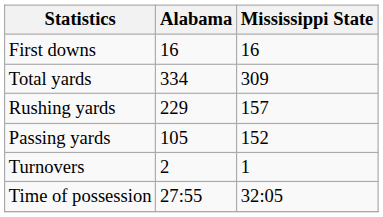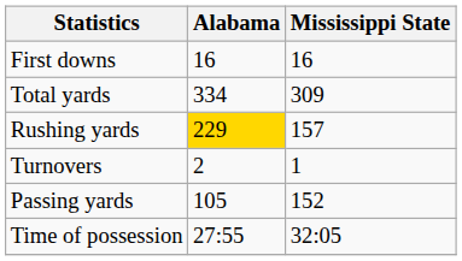 <table class="wikitable" style="float: left;">
 <tr>
 <th>Statistics</th>
 <th>Alabama</th>
 <th>Mississippi State</th>
 </tr>
 <tr>
 <td>First downs</td>
 <td>16</td>
 <td>16</td>
 </tr>
 <tr>
 <td>Total yards</td>
 <td>334</td>
 <td>309</td>
 </tr>
 <tr>
 <td>Rushing yards</td>
-<td>229</td>
+<td style="background: gold;">229</td>
 <td>157</td>
+</tr>
+<tr>
+<td>Turnovers</td>
+<td>2</td>
+<td>1</td>
 </tr>
 <tr>
 <td>Passing yards</td>
 <td>105</td>
 <td>152</td>
-</tr>
-<tr>
-<td>Turnovers</td>
-<td>2</td>
-<td>1</td>
 </tr>
 <tr>
 <td>Time of possession</td>
 <td>27:55</td>
 <td>32:05</td>
 </tr>
 <tr>
 </tr>
 </table>
